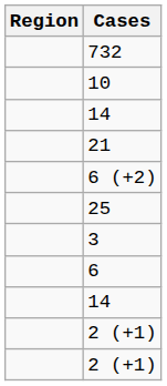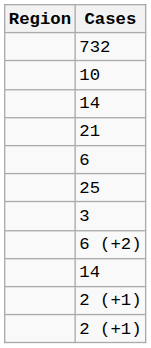 <table class="wikitable sortable">
 <tr>
 <th>Region</th>
 <th>Cases</th>
 </tr>
 <tr>
 <td></td>
 <td>732</td>
 </tr>
 <tr>
 <td></td>
 <td>10</td>
 </tr>
 <tr>
 <td></td>
 <td>14</td>
 </tr>
 <tr>
 <td></td>
 <td>21 </td>
 </tr>
 <tr>
 <td></td>
-<td>6 (+2)</td>
+<td>6 </td>
 </tr>
 <tr>
 <td></td>
 <td>25</td>
 </tr>
 <tr>
 <td></td>
 <td>3 </td>
 </tr>
 <tr>
 <td></td>
-<td>6 </td>
+<td>6 (+2)</td>
 </tr>
 <tr>
 <td></td>
 <td>14</td>
 </tr>
 <tr>
 <td></td>
 <td>2 (+1)</td>
 </tr>
 <tr>
 <td></td>
 <td>2 (+1)</td>
 </tr>
 </table>
